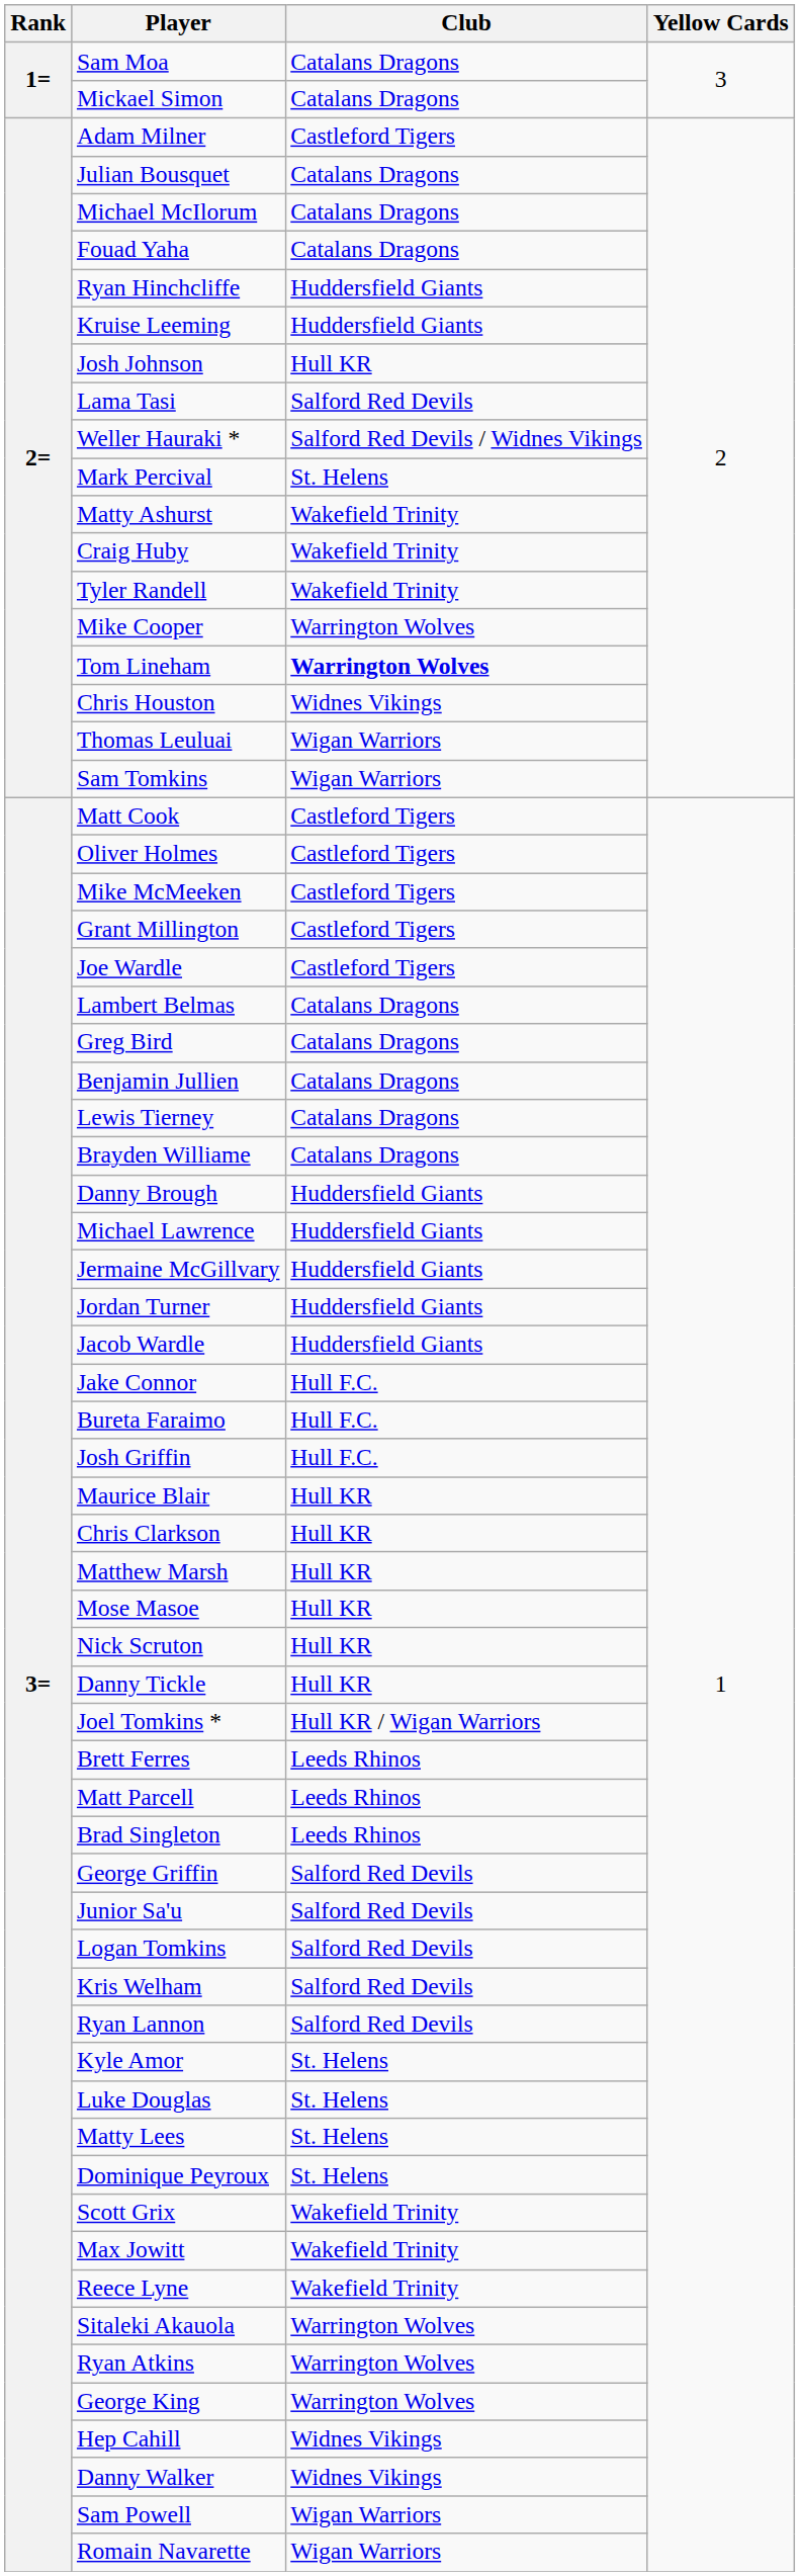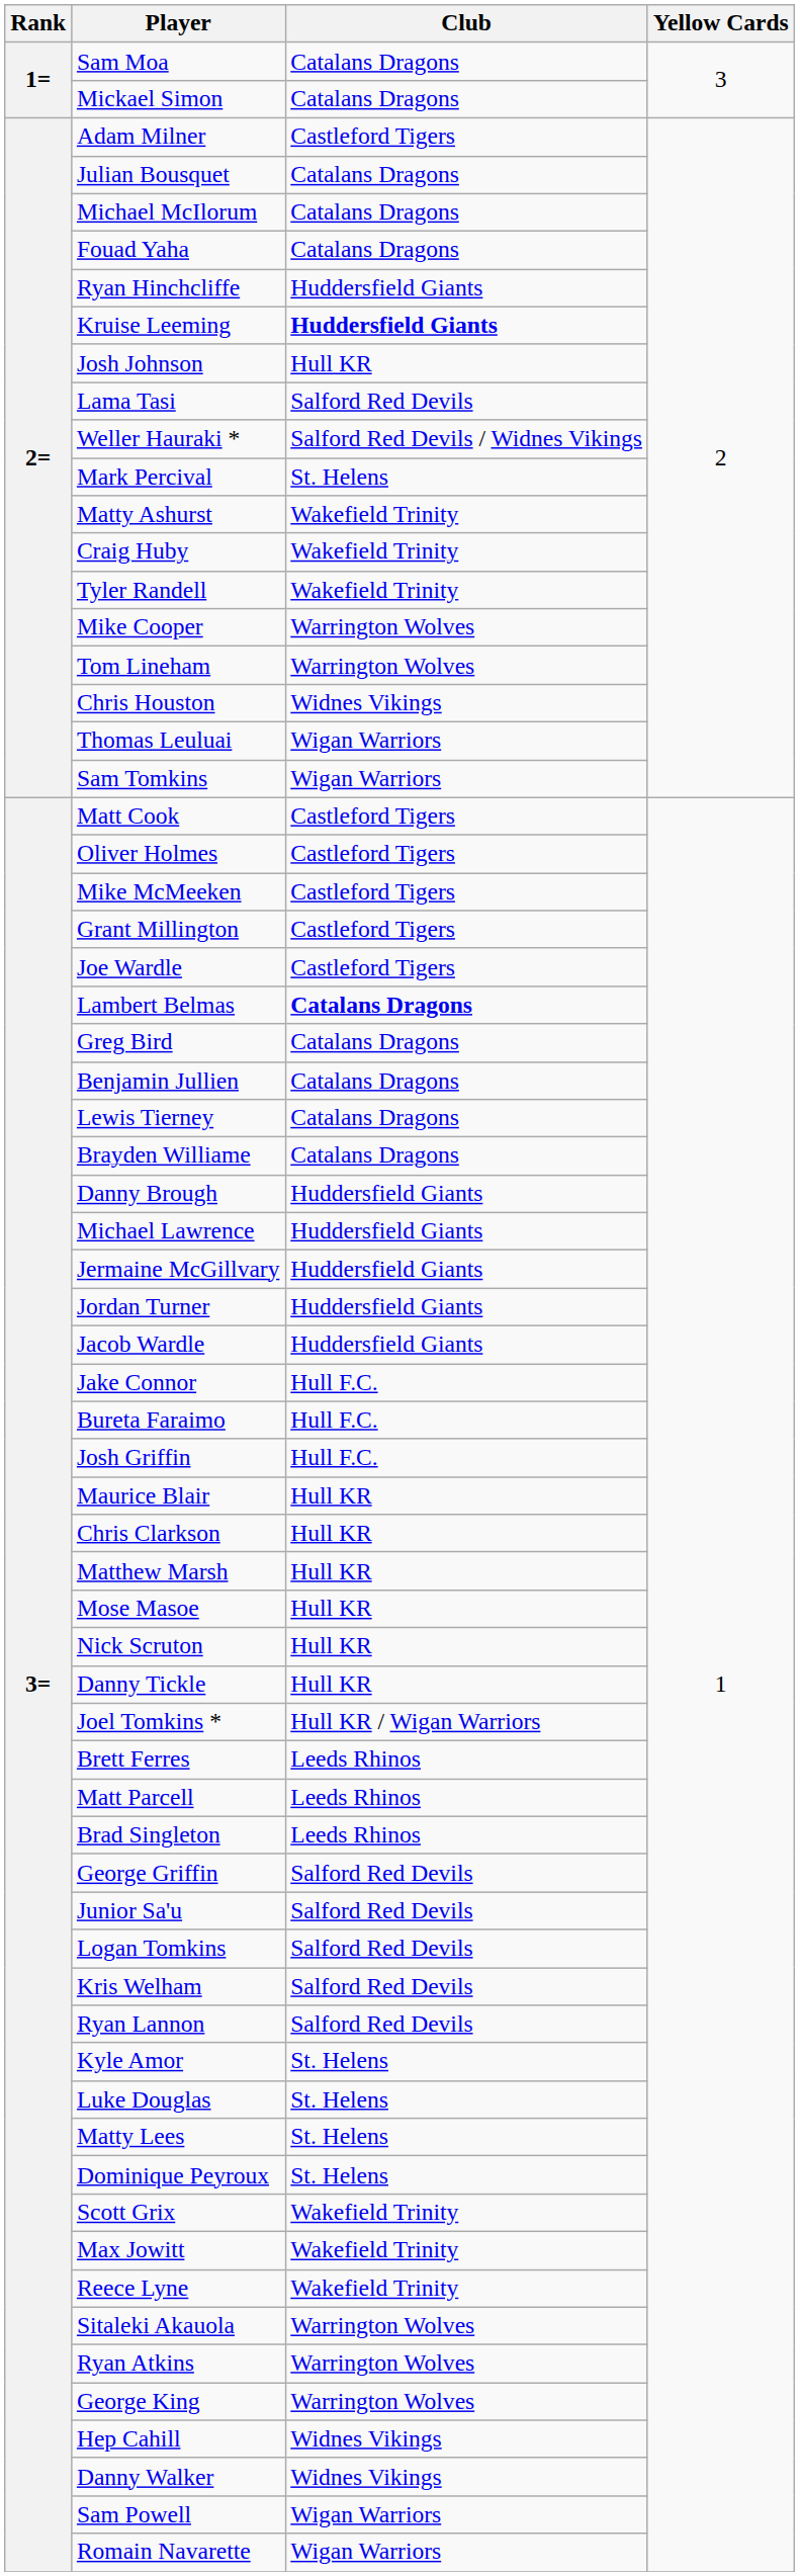 <table class="wikitable sortable" style="text-align:left">
 <tr>
 <th>Rank</th>
 <th>Player</th>
 <th>Club</th>
 <th> Yellow Cards</th>
 </tr>
 <tr>
 <th rowspan=2>1=</th>
 <td> <a href='#'>Sam Moa</a></td>
 <td> <a href='#'>Catalans Dragons</a></td>
 <td rowspan=2 style= "text-align: center;">3</td>
 </tr>
 <tr>
 <td> <a href='#'>Mickael Simon</a></td>
 <td> <a href='#'>Catalans Dragons</a></td>
 </tr>
 <tr>
 <th rowspan=18>2=</th>
 <td> <a href='#'>Adam Milner</a></td>
 <td> <a href='#'>Castleford Tigers</a></td>
 <td rowspan=18 style="text-align: center;">2</td>
 </tr>
 <tr>
 <td> <a href='#'>Julian Bousquet</a></td>
 <td> <a href='#'>Catalans Dragons</a></td>
 </tr>
 <tr>
 <td> <a href='#'>Michael McIlorum</a></td>
 <td> <a href='#'>Catalans Dragons</a></td>
 </tr>
 <tr>
 <td> <a href='#'>Fouad Yaha</a></td>
 <td> <a href='#'>Catalans Dragons</a></td>
 </tr>
 <tr>
 <td> <a href='#'>Ryan Hinchcliffe</a></td>
 <td> <a href='#'>Huddersfield Giants</a></td>
 </tr>
 <tr>
 <td> <a href='#'>Kruise Leeming</a></td>
-<td> <a href='#'>Huddersfield Giants</a></td>
+<td><strong> <a href='#'>Huddersfield Giants</a></strong></td>
 </tr>
 <tr>
 <td> <a href='#'>Josh Johnson</a></td>
 <td> <a href='#'>Hull KR</a></td>
 </tr>
 <tr>
 <td> <a href='#'>Lama Tasi</a></td>
 <td> <a href='#'>Salford Red Devils</a></td>
 </tr>
 <tr>
 <td> <a href='#'>Weller Hauraki</a> *</td>
 <td> <a href='#'>Salford Red Devils</a> /  <a href='#'>Widnes Vikings</a></td>
 </tr>
 <tr>
 <td> <a href='#'>Mark Percival</a></td>
 <td> <a href='#'>St. Helens</a></td>
 </tr>
 <tr>
 <td> <a href='#'>Matty Ashurst</a></td>
 <td> <a href='#'>Wakefield Trinity</a></td>
 </tr>
 <tr>
 <td> <a href='#'>Craig Huby</a></td>
 <td> <a href='#'>Wakefield Trinity</a></td>
 </tr>
 <tr>
 <td> <a href='#'>Tyler Randell</a></td>
 <td> <a href='#'>Wakefield Trinity</a></td>
 </tr>
 <tr>
 <td> <a href='#'>Mike Cooper</a></td>
 <td> <a href='#'>Warrington Wolves</a></td>
 </tr>
 <tr>
 <td> <a href='#'>Tom Lineham</a></td>
-<td><strong> <a href='#'>Warrington Wolves</a></strong></td>
+<td> <a href='#'>Warrington Wolves</a></td>
 </tr>
 <tr>
 <td> <a href='#'>Chris Houston</a></td>
 <td> <a href='#'>Widnes Vikings</a></td>
 </tr>
 <tr>
 <td> <a href='#'>Thomas Leuluai</a></td>
 <td> <a href='#'>Wigan Warriors</a></td>
 </tr>
 <tr>
 <td> <a href='#'>Sam Tomkins</a></td>
 <td> <a href='#'>Wigan Warriors</a></td>
 </tr>
 <tr>
 <th rowspan=47>3=</th>
 <td> <a href='#'>Matt Cook</a></td>
 <td> <a href='#'>Castleford Tigers</a></td>
 <td rowspan=47 style="text-align: center;">1</td>
 </tr>
 <tr>
 <td> <a href='#'>Oliver Holmes</a></td>
 <td> <a href='#'>Castleford Tigers</a></td>
 </tr>
 <tr>
 <td> <a href='#'>Mike McMeeken</a></td>
 <td> <a href='#'>Castleford Tigers</a></td>
 </tr>
 <tr>
 <td> <a href='#'>Grant Millington</a></td>
 <td> <a href='#'>Castleford Tigers</a></td>
 </tr>
 <tr>
 <td> <a href='#'>Joe Wardle</a></td>
 <td> <a href='#'>Castleford Tigers</a></td>
 </tr>
 <tr>
 <td> <a href='#'>Lambert Belmas</a></td>
-<td> <a href='#'>Catalans Dragons</a></td>
+<td><strong> <a href='#'>Catalans Dragons</a></strong></td>
 </tr>
 <tr>
 <td> <a href='#'>Greg Bird</a></td>
 <td> <a href='#'>Catalans Dragons</a></td>
 </tr>
 <tr>
 <td> <a href='#'>Benjamin Jullien</a></td>
 <td> <a href='#'>Catalans Dragons</a></td>
 </tr>
 <tr>
 <td> <a href='#'>Lewis Tierney</a></td>
 <td> <a href='#'>Catalans Dragons</a></td>
 </tr>
 <tr>
 <td> <a href='#'>Brayden Williame</a></td>
 <td> <a href='#'>Catalans Dragons</a></td>
 </tr>
 <tr>
 <td> <a href='#'>Danny Brough</a></td>
 <td> <a href='#'>Huddersfield Giants</a></td>
 </tr>
 <tr>
 <td> <a href='#'>Michael Lawrence</a></td>
 <td> <a href='#'>Huddersfield Giants</a></td>
 </tr>
 <tr>
 <td> <a href='#'>Jermaine McGillvary</a></td>
 <td> <a href='#'>Huddersfield Giants</a></td>
 </tr>
 <tr>
 <td> <a href='#'>Jordan Turner</a></td>
 <td> <a href='#'>Huddersfield Giants</a></td>
 </tr>
 <tr>
 <td> <a href='#'>Jacob Wardle</a></td>
 <td> <a href='#'>Huddersfield Giants</a></td>
 </tr>
 <tr>
 <td> <a href='#'>Jake Connor</a></td>
 <td> <a href='#'>Hull F.C.</a></td>
 </tr>
 <tr>
 <td> <a href='#'>Bureta Faraimo</a></td>
 <td> <a href='#'>Hull F.C.</a></td>
 </tr>
 <tr>
 <td> <a href='#'>Josh Griffin</a></td>
 <td> <a href='#'>Hull F.C.</a></td>
 </tr>
 <tr>
 <td> <a href='#'>Maurice Blair</a></td>
 <td> <a href='#'>Hull KR</a></td>
 </tr>
 <tr>
 <td> <a href='#'>Chris Clarkson</a></td>
 <td> <a href='#'>Hull KR</a></td>
 </tr>
 <tr>
 <td> <a href='#'>Matthew Marsh</a></td>
 <td> <a href='#'>Hull KR</a></td>
 </tr>
 <tr>
 <td> <a href='#'>Mose Masoe</a></td>
 <td> <a href='#'>Hull KR</a></td>
 </tr>
 <tr>
 <td> <a href='#'>Nick Scruton</a></td>
 <td> <a href='#'>Hull KR</a></td>
 </tr>
 <tr>
 <td> <a href='#'>Danny Tickle</a></td>
 <td> <a href='#'>Hull KR</a></td>
 </tr>
 <tr>
 <td> <a href='#'>Joel Tomkins</a> *</td>
 <td> <a href='#'>Hull KR</a> /  <a href='#'>Wigan Warriors</a></td>
 </tr>
 <tr>
 <td> <a href='#'>Brett Ferres</a></td>
 <td> <a href='#'>Leeds Rhinos</a></td>
 </tr>
 <tr>
 <td> <a href='#'>Matt Parcell</a></td>
 <td> <a href='#'>Leeds Rhinos</a></td>
 </tr>
 <tr>
 <td> <a href='#'>Brad Singleton</a></td>
 <td> <a href='#'>Leeds Rhinos</a></td>
 </tr>
 <tr>
 <td> <a href='#'>George Griffin</a></td>
 <td> <a href='#'>Salford Red Devils</a></td>
 </tr>
 <tr>
 <td> <a href='#'>Junior Sa'u</a></td>
 <td> <a href='#'>Salford Red Devils</a></td>
 </tr>
 <tr>
 <td> <a href='#'>Logan Tomkins</a></td>
 <td> <a href='#'>Salford Red Devils</a></td>
 </tr>
 <tr>
 <td> <a href='#'>Kris Welham</a></td>
 <td> <a href='#'>Salford Red Devils</a></td>
 </tr>
 <tr>
 <td> <a href='#'>Ryan Lannon</a></td>
 <td> <a href='#'>Salford Red Devils</a></td>
 </tr>
 <tr>
 <td> <a href='#'>Kyle Amor</a></td>
 <td> <a href='#'>St. Helens</a></td>
 </tr>
 <tr>
 <td> <a href='#'>Luke Douglas</a></td>
 <td> <a href='#'>St. Helens</a></td>
 </tr>
 <tr>
 <td> <a href='#'>Matty Lees</a></td>
 <td> <a href='#'>St. Helens</a></td>
 </tr>
 <tr>
 <td> <a href='#'>Dominique Peyroux</a></td>
 <td> <a href='#'>St. Helens</a></td>
 </tr>
 <tr>
 <td> <a href='#'>Scott Grix</a></td>
 <td> <a href='#'>Wakefield Trinity</a></td>
 </tr>
 <tr>
 <td> <a href='#'>Max Jowitt</a></td>
 <td> <a href='#'>Wakefield Trinity</a></td>
 </tr>
 <tr>
 <td> <a href='#'>Reece Lyne</a></td>
 <td> <a href='#'>Wakefield Trinity</a></td>
 </tr>
 <tr>
 <td> <a href='#'>Sitaleki Akauola</a></td>
 <td> <a href='#'>Warrington Wolves</a></td>
 </tr>
 <tr>
 <td> <a href='#'>Ryan Atkins</a></td>
 <td> <a href='#'>Warrington Wolves</a></td>
 </tr>
 <tr>
 <td> <a href='#'>George King</a></td>
 <td> <a href='#'>Warrington Wolves</a></td>
 </tr>
 <tr>
 <td> <a href='#'>Hep Cahill</a></td>
 <td> <a href='#'>Widnes Vikings</a></td>
 </tr>
 <tr>
 <td> <a href='#'>Danny Walker</a></td>
 <td> <a href='#'>Widnes Vikings</a></td>
 </tr>
 <tr>
 <td> <a href='#'>Sam Powell</a></td>
 <td> <a href='#'>Wigan Warriors</a></td>
 </tr>
 <tr>
 <td> <a href='#'>Romain Navarette</a></td>
 <td> <a href='#'>Wigan Warriors</a></td>
 </tr>
 </table>
